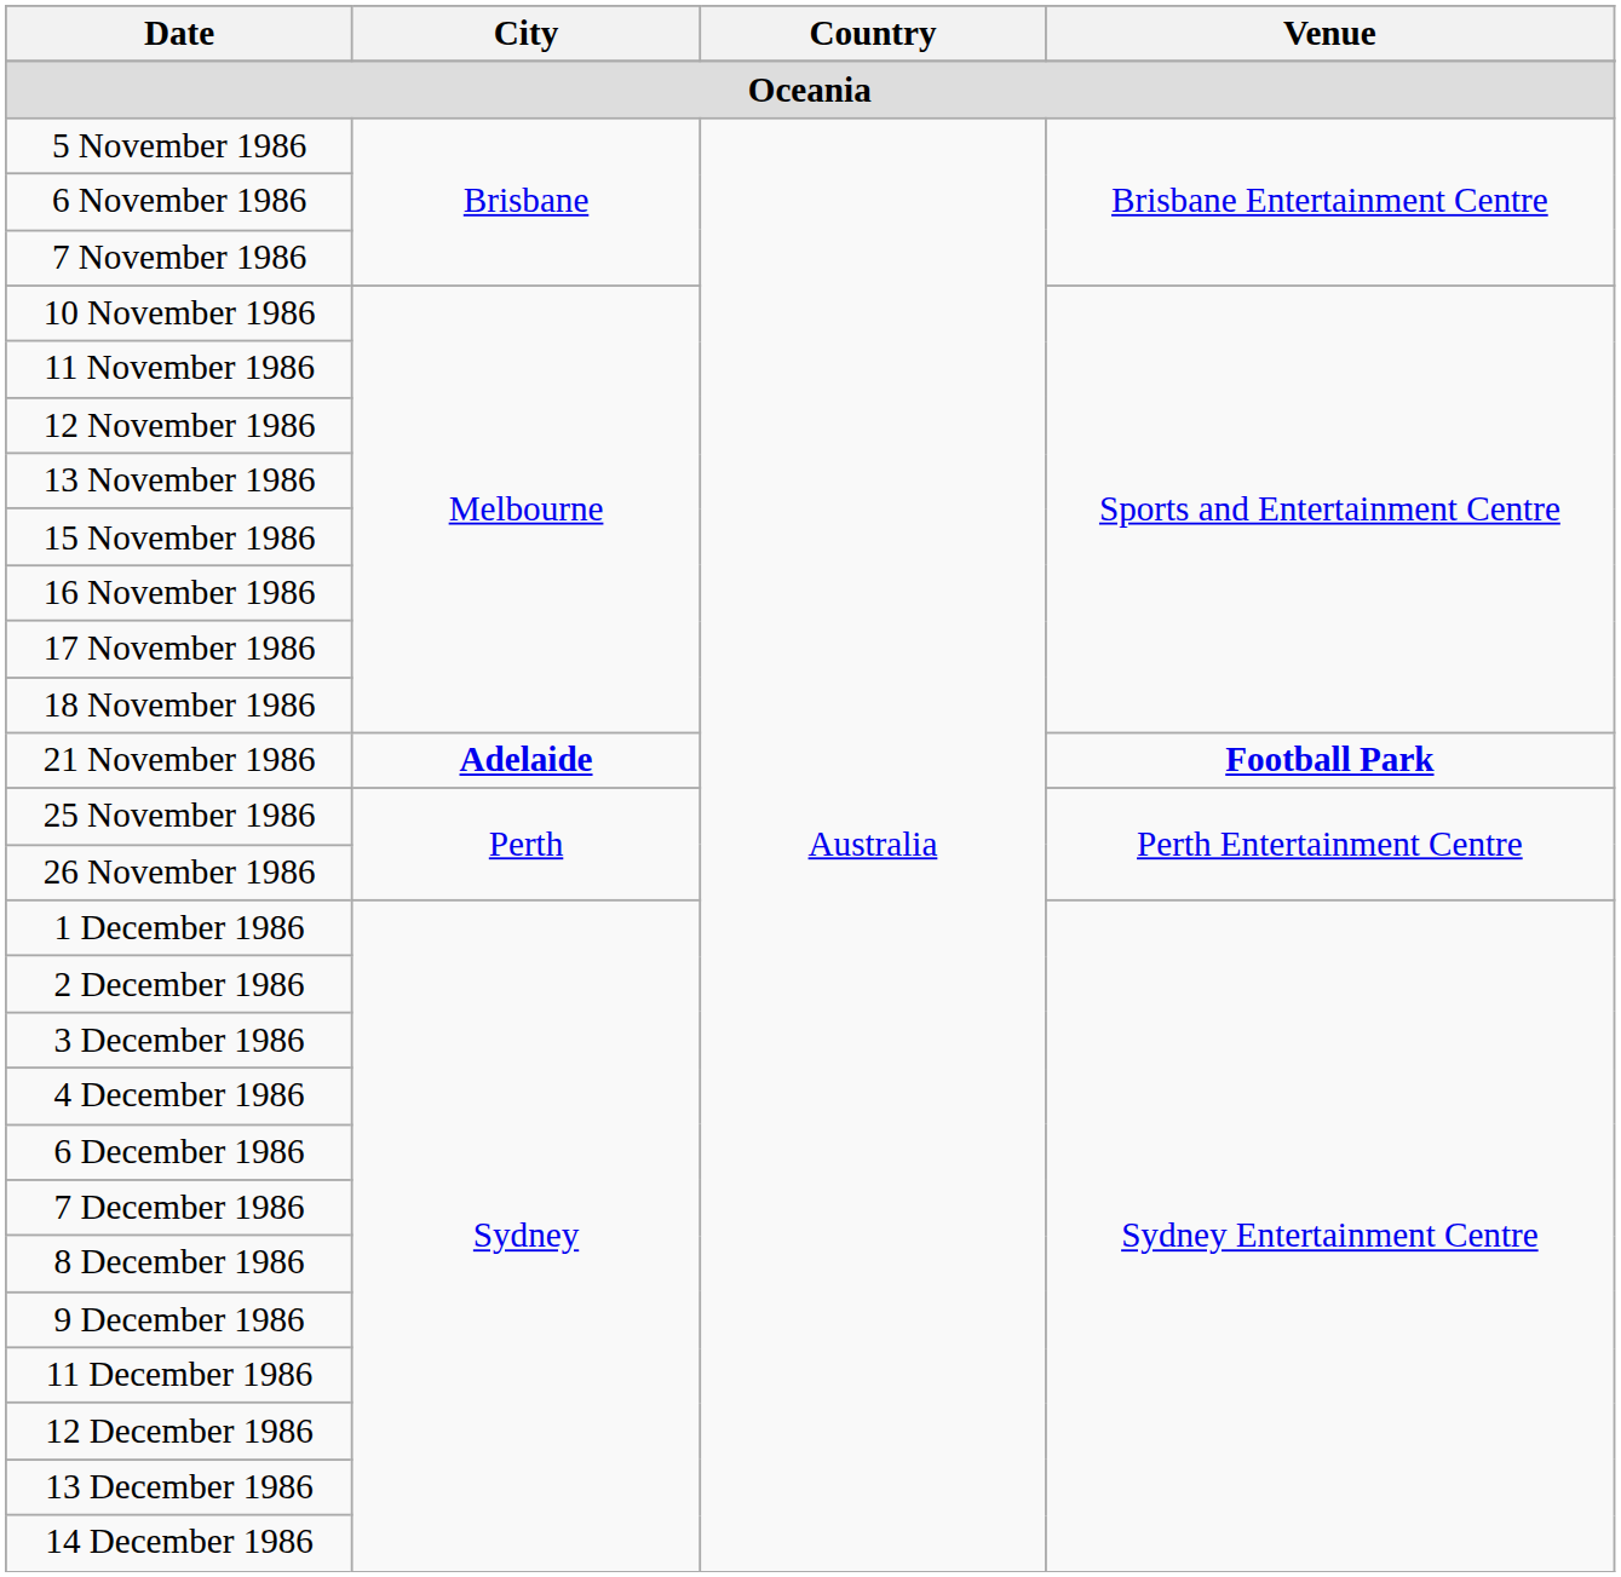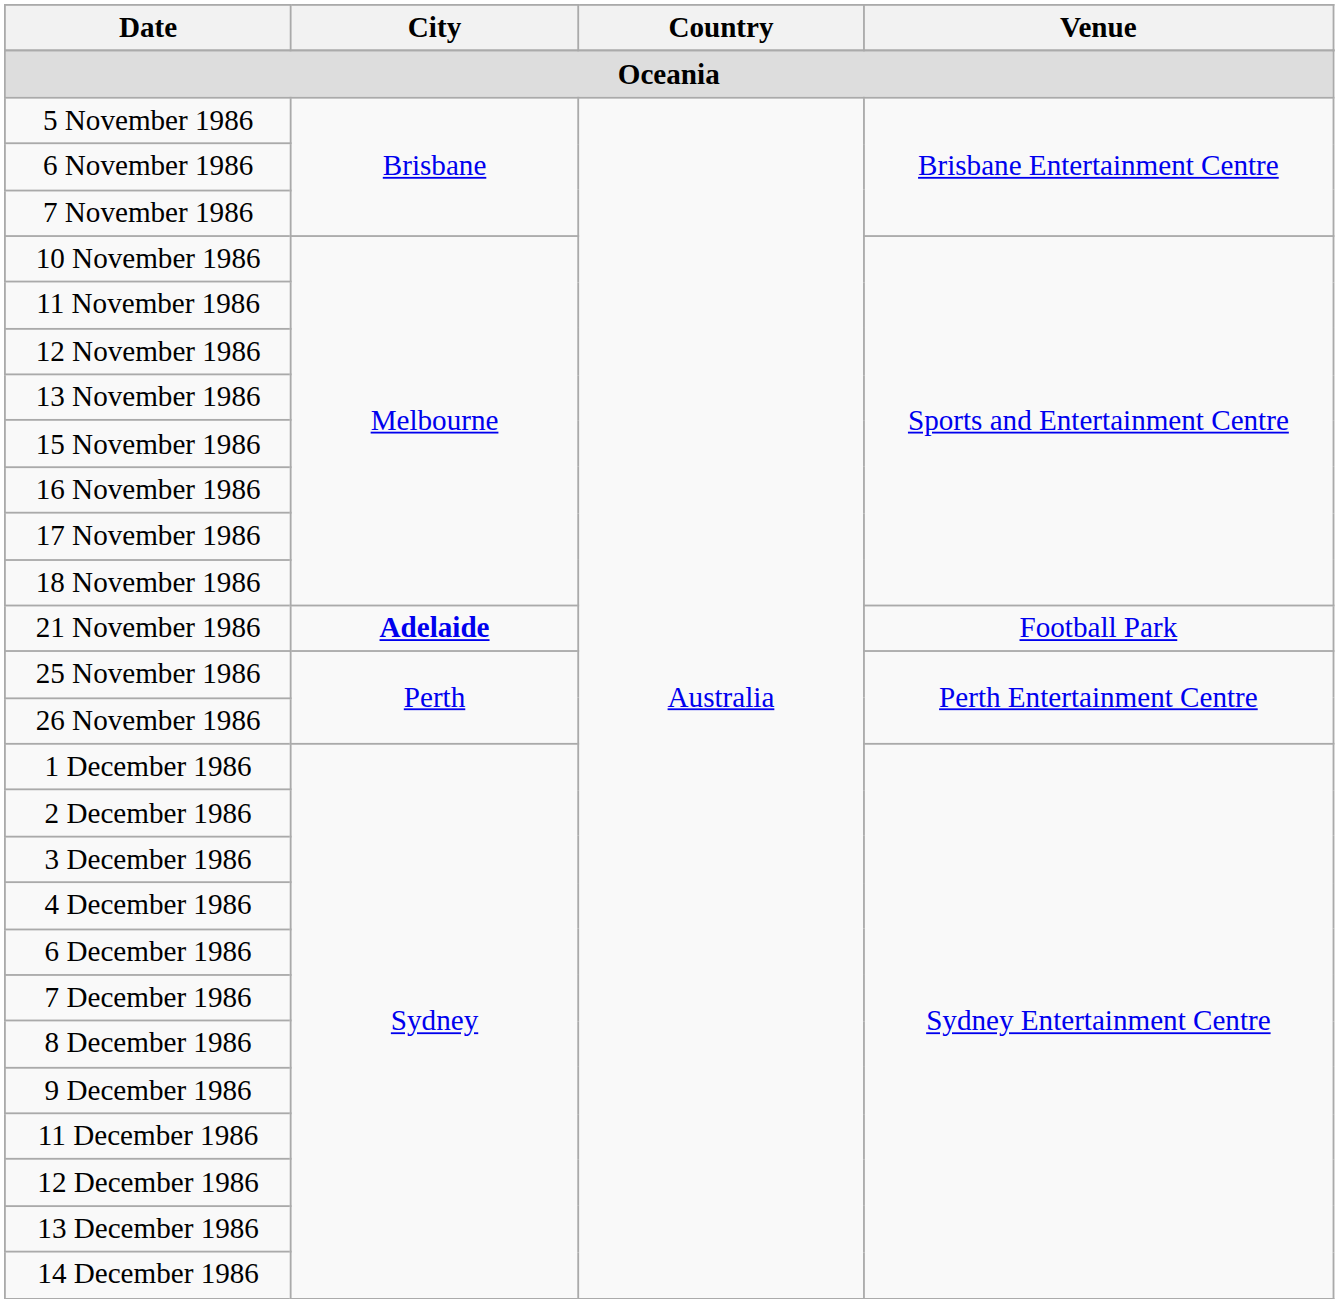 <table class="wikitable" style="text-align:center">
 <tr>
 <th style="width:150px;">Date</th>
 <th style="width:150px;">City</th>
 <th style="width:150px;">Country</th>
 <th style="width:250px;">Venue</th>
 </tr>
 <tr>
 </tr>
 <tr style="background:#ddd;">
 <td colspan="4"><strong>Oceania</strong></td>
 </tr>
 <tr>
 <td>5 November 1986</td>
 <td rowspan="3"><a href='#'>Brisbane</a></td>
 <td rowspan="28"><a href='#'>Australia</a></td>
 <td rowspan="3"><a href='#'>Brisbane Entertainment Centre</a></td>
 </tr>
 <tr>
 <td>6 November 1986</td>
 </tr>
 <tr>
 <td>7 November 1986</td>
 </tr>
 <tr>
 <td>10 November 1986</td>
 <td rowspan="8"><a href='#'>Melbourne</a></td>
 <td rowspan="8"><a href='#'>Sports and Entertainment Centre</a></td>
 </tr>
 <tr>
 <td>11 November 1986</td>
 </tr>
 <tr>
 <td>12 November 1986</td>
 </tr>
 <tr>
 <td>13 November 1986</td>
 </tr>
 <tr>
 <td>15 November 1986</td>
 </tr>
 <tr>
 <td>16 November 1986</td>
 </tr>
 <tr>
 <td>17 November 1986</td>
 </tr>
 <tr>
 <td>18 November 1986</td>
 </tr>
 <tr>
 <td>21 November 1986</td>
 <td rowspan="1"><strong><a href='#'>Adelaide</a></strong></td>
-<td rowspan="1"><strong><a href='#'>Football Park</a></strong></td>
+<td rowspan="1"><a href='#'>Football Park</a></td>
 </tr>
 <tr>
 <td>25 November 1986</td>
 <td rowspan="2"><a href='#'>Perth</a></td>
 <td rowspan="2"><a href='#'>Perth Entertainment Centre</a></td>
 </tr>
 <tr>
 <td>26 November 1986</td>
 </tr>
 <tr>
 <td>1 December 1986</td>
 <td rowspan="12"><a href='#'>Sydney</a></td>
 <td rowspan="12"><a href='#'>Sydney Entertainment Centre</a></td>
 </tr>
 <tr>
 <td>2 December 1986</td>
 </tr>
 <tr>
 <td>3 December 1986</td>
 </tr>
 <tr>
 <td>4 December 1986</td>
 </tr>
 <tr>
 <td>6 December 1986</td>
 </tr>
 <tr>
 <td>7 December 1986</td>
 </tr>
 <tr>
 <td>8 December 1986</td>
 </tr>
 <tr>
 <td>9 December 1986</td>
 </tr>
 <tr>
 <td>11 December 1986</td>
 </tr>
 <tr>
 <td>12 December 1986</td>
 </tr>
 <tr>
 <td>13 December 1986</td>
 </tr>
 <tr>
 <td>14 December 1986</td>
 </tr>
 </table>
